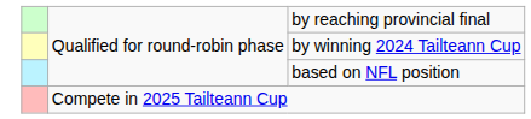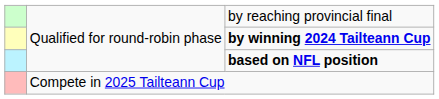 <table class="wikitable" align="right">
 <tr>
 <td style="background:#cfc;">    </td>
 <td rowspan="3">Qualified for round-robin phase</td>
 <td>by reaching provincial final</td>
 </tr>
 <tr>
 <td style="background:#FFFFBB">    </td>
-<td>by winning <a href='#'>2024 Tailteann Cup</a></td>
+<td><strong>by winning <a href='#'>2024 Tailteann Cup</a></strong></td>
 </tr>
 <tr>
 <td style="background:#BBF3FF">    </td>
-<td>based on <a href='#'>NFL</a> position</td>
+<td><strong>based on <a href='#'>NFL</a> position</strong></td>
 </tr>
 <tr>
 <td style="background:#FFBBBB">    </td>
 <td colspan="2">Compete in <a href='#'>2025 Tailteann Cup</a></td>
 </tr>
 </table>
